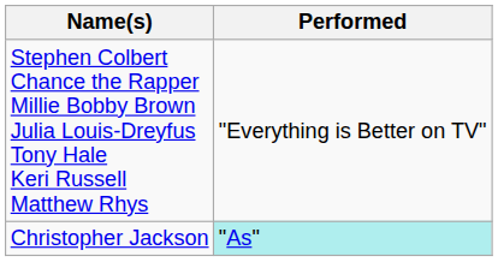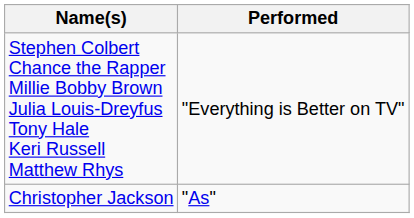 <table class="wikitable sortable">
 <tr>
 <th>Name(s)</th>
 <th>Performed</th>
 </tr>
 <tr>
 <td><a href='#'>Stephen Colbert</a><br><a href='#'>Chance the Rapper</a><br><a href='#'>Millie Bobby Brown</a><br><a href='#'>Julia Louis-Dreyfus</a><br><a href='#'>Tony Hale</a><br><a href='#'>Keri Russell</a><br><a href='#'>Matthew Rhys</a></td>
 <td>"Everything is Better on TV"</td>
 </tr>
 <tr>
 <td><a href='#'>Christopher Jackson</a></td>
-<td style="background: paleturquoise;">"<a href='#'>As</a>"</td>
+<td>"<a href='#'>As</a>"</td>
 </tr>
 </table>
